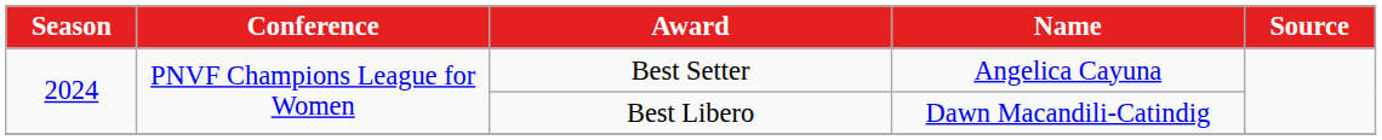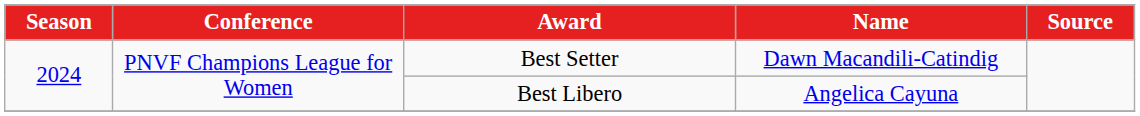 <table class="wikitable">
 <tr>
 <th width=70px style="background: #E62020; color: white; text-align: center">Season</th>
 <th width=200px style="background: #E62020; color: white; text-align: center">Conference</th>
 <th width=230px style="background: #E62020; color: white; text-align: center">Award</th>
 <th width=200px style="background: #E62020; color: white; text-align: center">Name</th>
 <th width=70px style="background: #E62020; color: white; text-align: center">Source</th>
 </tr>
 <tr align=center>
 <td rowspan=2><a href='#'>2024</a></td>
 <td rowspan=2><a href='#'>PNVF Champions League for Women</a></td>
 <td>Best Setter</td>
-<td> <a href='#'>Angelica Cayuna</a></td>
+<td> <a href='#'>Dawn Macandili-Catindig</a></td>
 <td rowspan="2"></td>
 </tr>
 <tr align=center>
 <td>Best Libero</td>
-<td> <a href='#'>Dawn Macandili-Catindig</a></td>
+<td> <a href='#'>Angelica Cayuna</a></td>
 </tr>
 <tr>
 </tr>
 </table>
